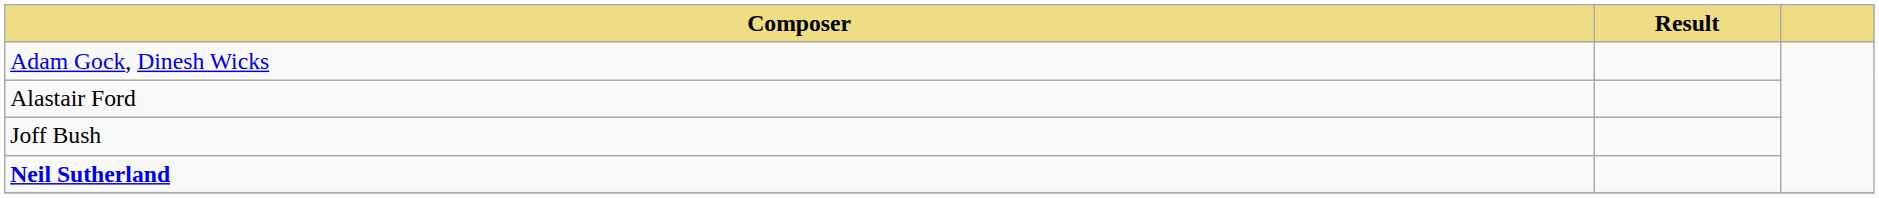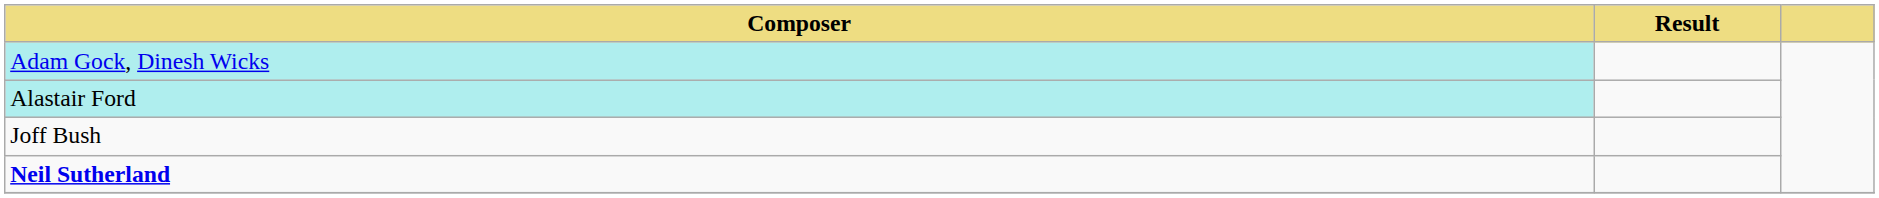 <table class="wikitable" width=100%>
 <tr>
 <th style="width:85%;background:#EEDD82;">Composer</th>
 <th style="width:10%;background:#EEDD82;">Result</th>
 <th style="width:5%;background:#EEDD82;"></th>
 </tr>
 <tr>
-<td><a href='#'>Adam Gock</a>, <a href='#'>Dinesh Wicks</a></td>
+<td style="background: paleturquoise;"><a href='#'>Adam Gock</a>, <a href='#'>Dinesh Wicks</a></td>
 <td></td>
 <td rowspan="4"><br></td>
 </tr>
 <tr>
-<td>Alastair Ford</td>
+<td style="background: paleturquoise;">Alastair Ford</td>
 <td></td>
 </tr>
 <tr>
 <td>Joff Bush</td>
 <td></td>
 </tr>
 <tr>
 <td><strong><a href='#'>Neil Sutherland</a></strong></td>
 <td></td>
 </tr>
 <tr>
 </tr>
 </table>
